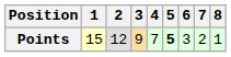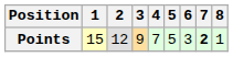 <table class="wikitable" style="font-size: 85%">
 <tr align="center">
 <th>Position</th>
 <th>1</th>
 <th>2</th>
 <th>3</th>
 <th>4</th>
 <th>5</th>
 <th>6</th>
 <th>7</th>
 <th>8</th>
 </tr>
 <tr align="center">
 <th>Points</th>
 <td style="background:#FFFFBF;">15</td>
 <td style="background:#DFDFDF;">12</td>
 <td style="background:#FFDF9F;">9</td>
 <td style="background:#DFFFDF;">7</td>
-<td style="background:#DFFFDF;"><strong>5</strong></td>
+<td style="background:#DFFFDF;">5</td>
 <td style="background:#DFFFDF;">3</td>
-<td style="background:#DFFFDF;">2</td>
+<td style="background:#DFFFDF;"><strong>2</strong></td>
 <td style="background:#DFFFDF;">1</td>
 </tr>
 <tr align="center">
 </tr>
 </table>
